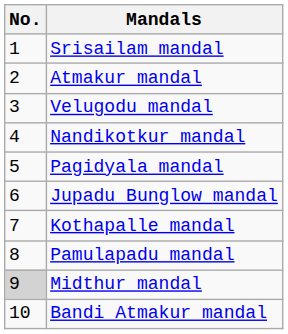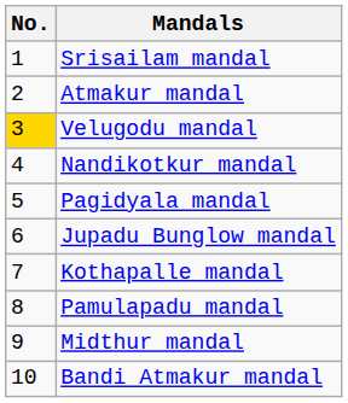 <table class="wikitable">
 <tr>
 <th>No.</th>
 <th>Mandals</th>
 </tr>
 <tr>
 <td>1</td>
 <td><a href='#'>Srisailam mandal</a></td>
 </tr>
 <tr>
 <td>2</td>
 <td><a href='#'>Atmakur mandal</a></td>
 </tr>
 <tr>
-<td>3</td>
+<td style="background: gold;">3</td>
 <td><a href='#'>Velugodu mandal</a></td>
 </tr>
 <tr>
 <td>4</td>
 <td><a href='#'>Nandikotkur mandal</a></td>
 </tr>
 <tr>
 <td>5</td>
 <td><a href='#'>Pagidyala mandal</a></td>
 </tr>
 <tr>
 <td>6</td>
 <td><a href='#'>Jupadu Bunglow mandal</a></td>
 </tr>
 <tr>
 <td>7</td>
 <td><a href='#'>Kothapalle mandal</a></td>
 </tr>
 <tr>
 <td>8</td>
 <td><a href='#'>Pamulapadu mandal</a></td>
 </tr>
 <tr>
-<td style="background: lightgrey;">9</td>
+<td>9</td>
 <td><a href='#'>Midthur mandal</a></td>
 </tr>
 <tr>
 <td>10</td>
 <td><a href='#'>Bandi Atmakur mandal</a></td>
 </tr>
 </table>
